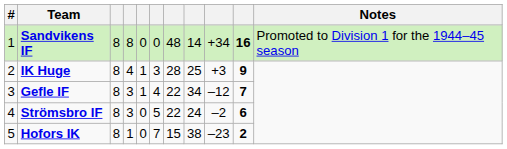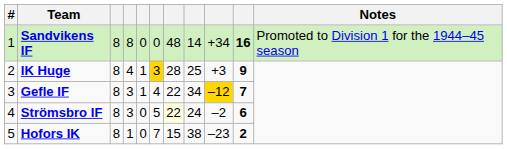 <table class="wikitable sortable">
 <tr>
 <th>#</th>
 <th>Team</th>
 <th></th>
 <th></th>
 <th></th>
 <th></th>
 <th></th>
 <th></th>
 <th></th>
 <th></th>
 <th>Notes</th>
 </tr>
 <tr style="background: #D0F0C0;">
 <td>1</td>
 <td style="font-weight:bold;"><a href='#'>Sandvikens IF</a></td>
 <td style="text-align: center;">8</td>
 <td style="text-align: center;">8</td>
 <td style="text-align: center;">0</td>
 <td style="text-align: center;">0</td>
 <td style="text-align: center;">48</td>
 <td style="text-align: center;">14</td>
 <td style="text-align: center;">+34</td>
 <td style="text-align: center; font-weight:bold;">16</td>
 <td>Promoted to <a href='#'>Division 1</a> for the <a href='#'>1944–45 season</a></td>
 </tr>
 <tr>
 <td>2</td>
 <td style="font-weight:bold;"><a href='#'>IK Huge</a></td>
 <td style="text-align: center;">8</td>
 <td style="text-align: center;">4</td>
 <td style="text-align: center;">1</td>
-<td style="text-align: center;">3</td>
+<td style="background: gold; text-align: center;">3</td>
 <td style="text-align: center;">28</td>
 <td style="text-align: center;">25</td>
 <td style="text-align: center;">+3</td>
 <td style="text-align: center; font-weight:bold;">9</td>
 </tr>
 <tr>
 <td>3</td>
 <td style="font-weight:bold;"><a href='#'>Gefle IF</a></td>
 <td style="text-align: center;">8</td>
 <td style="text-align: center;">3</td>
 <td style="text-align: center;">1</td>
 <td style="text-align: center;">4</td>
 <td style="text-align: center;">22</td>
 <td style="text-align: center;">34</td>
-<td style="text-align: center;">–12</td>
+<td style="background: gold; text-align: center;">–12</td>
 <td style="text-align: center; font-weight:bold;">7</td>
 </tr>
 <tr>
 <td>4</td>
 <td style="font-weight:bold;"><a href='#'>Strömsbro IF</a></td>
 <td style="text-align: center;">8</td>
 <td style="text-align: center;">3</td>
 <td style="text-align: center;">0</td>
 <td style="text-align: center;">5</td>
-<td style="text-align: center;">22</td>
+<td style="background: lightyellow; text-align: center;">22</td>
 <td style="text-align: center;">24</td>
 <td style="text-align: center;">–2</td>
 <td style="text-align: center; font-weight:bold;">6</td>
 </tr>
 <tr>
 <td>5</td>
 <td style="font-weight:bold;"><a href='#'>Hofors IK</a></td>
 <td style="text-align: center;">8</td>
 <td style="text-align: center;">1</td>
 <td style="text-align: center;">0</td>
 <td style="text-align: center;">7</td>
 <td style="text-align: center;">15</td>
 <td style="text-align: center;">38</td>
 <td style="text-align: center;">–23</td>
 <td style="text-align: center; font-weight:bold;">2</td>
 </tr>
 </table>
